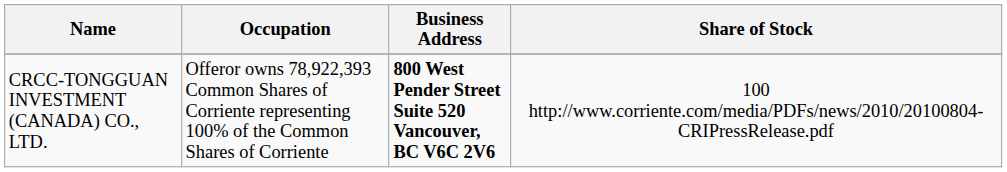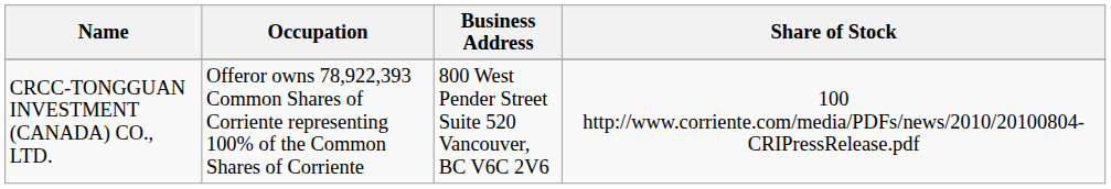 <table class="wikitable">
 <tr>
 <th>Name</th>
 <th>Occupation</th>
 <th>Business Address</th>
 <th>Share of Stock</th>
 </tr>
 <tr>
 </tr>
 <tr>
 <td>CRCC-TONGGUAN INVESTMENT (CANADA) CO., LTD.</td>
 <td>Offeror owns 78,922,393 Common Shares of Corriente representing 100% of the Common Shares of Corriente</td>
-<td><strong>800 West Pender Street Suite 520<br>Vancouver, BC V6C 2V6</strong></td>
+<td>800 West Pender Street Suite 520<br>Vancouver, BC V6C 2V6</td>
 <td align="center">100 http://www.corriente.com/media/PDFs/news/2010/20100804-CRIPressRelease.pdf</td>
 </tr>
 </table>
